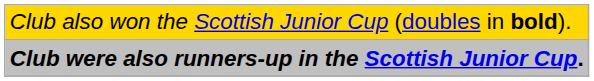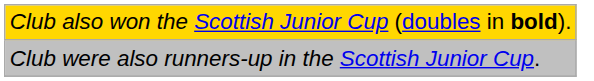 <table class="wikitable" style="text-align: left;">
 <tr>
 <td bgcolor=gold><em>Club also won the <a href='#'>Scottish Junior Cup</a></em> (<a href='#'>doubles</a> in <strong>bold</strong>).</td>
 </tr>
 <tr>
-<td bgcolor=silver><strong><em>Club were also runners-up in the <a href='#'>Scottish Junior Cup</a></em>.</strong></td>
+<td bgcolor=silver><em>Club were also runners-up in the <a href='#'>Scottish Junior Cup</a></em>.</td>
 </tr>
 <tr>
 </tr>
 </table>
